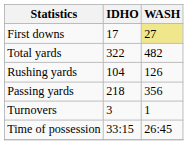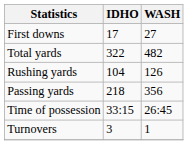 <table class="wikitable" style="float: left;">
 <tr>
 <th>Statistics</th>
 <th>IDHO</th>
 <th>WASH</th>
 </tr>
 <tr>
 <td>First downs</td>
 <td>17</td>
-<td style="background: khaki;">27</td>
+<td>27</td>
 </tr>
 <tr>
 <td>Total yards</td>
 <td>322</td>
 <td>482</td>
 </tr>
 <tr>
 <td>Rushing yards</td>
 <td>104</td>
 <td>126</td>
 </tr>
 <tr>
 <td>Passing yards</td>
 <td>218</td>
 <td>356</td>
 </tr>
 <tr>
+<td>Time of possession</td>
+<td>33:15</td>
+<td>26:45</td>
+</tr>
+<tr>
 <td>Turnovers</td>
 <td>3</td>
 <td>1</td>
 </tr>
 <tr>
-<td>Time of possession</td>
-<td>33:15</td>
-<td>26:45</td>
-</tr>
-<tr>
 </tr>
 </table>
